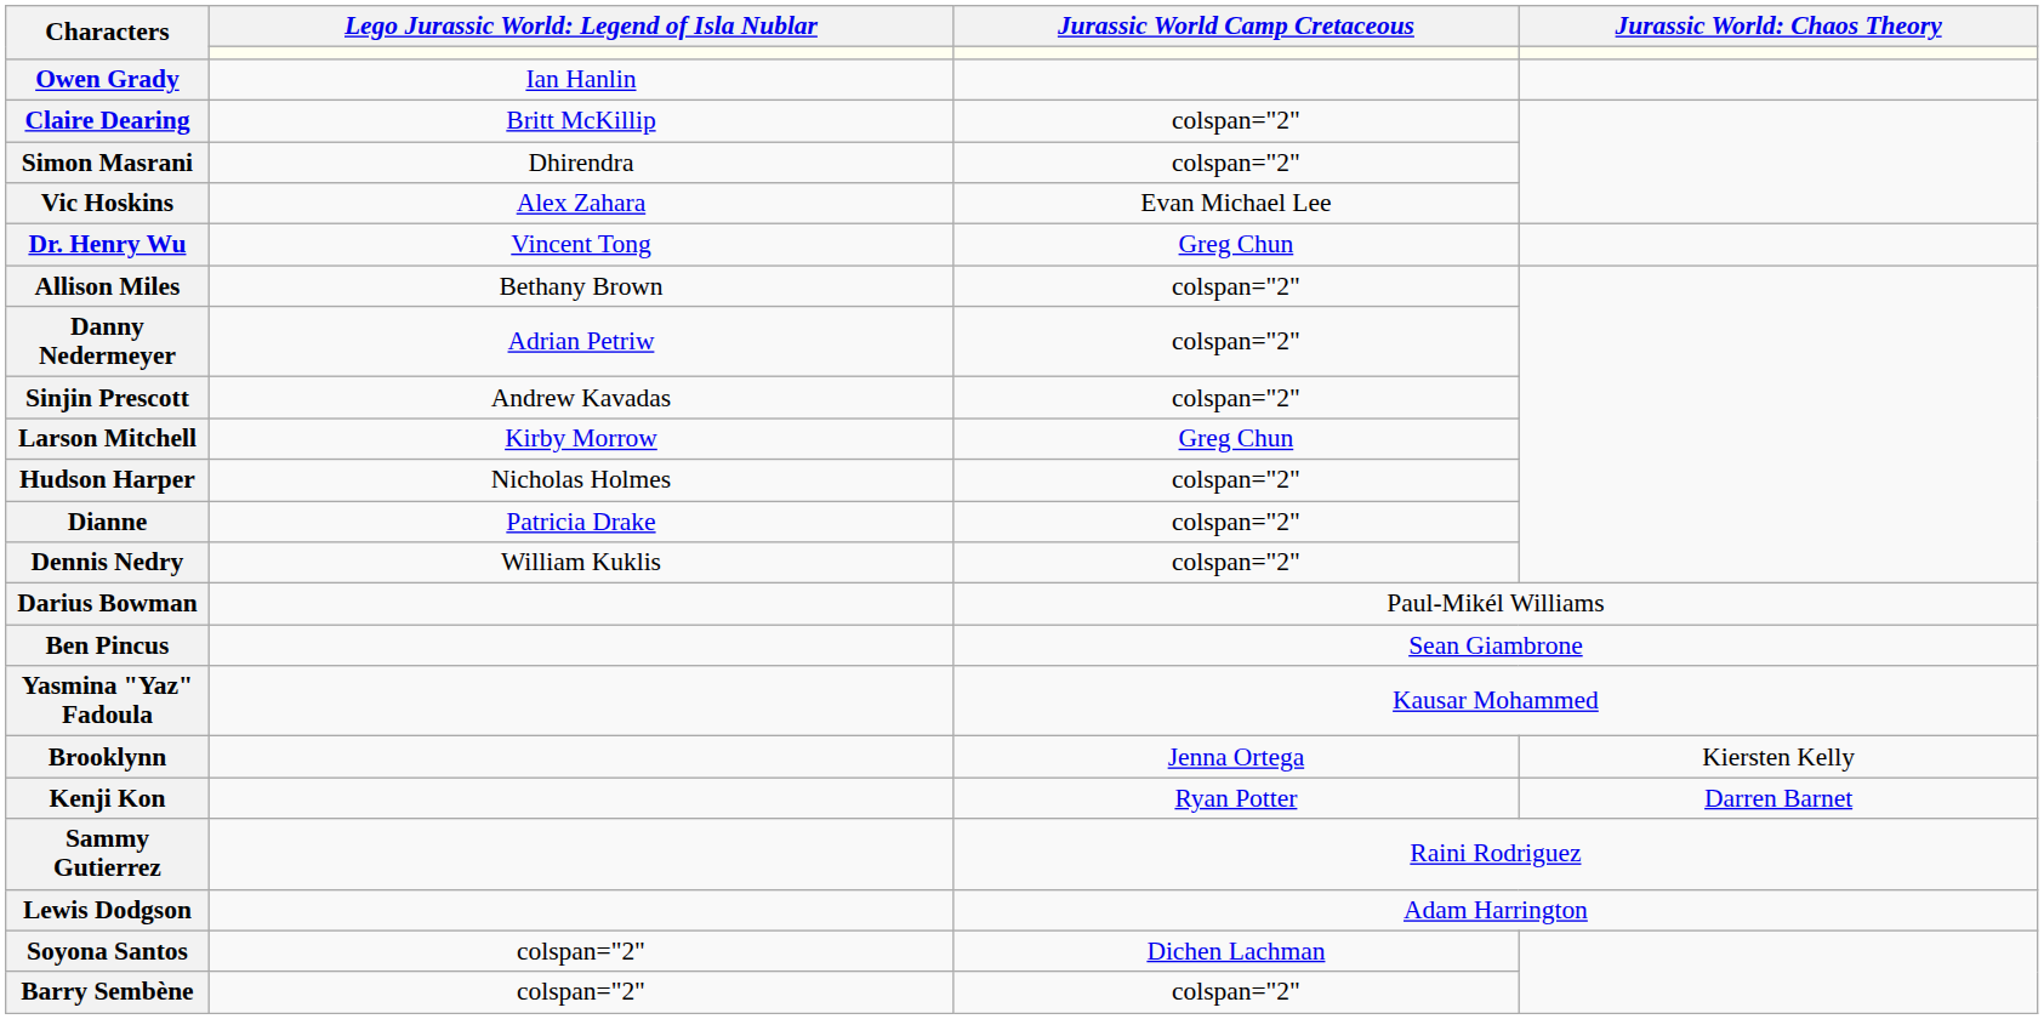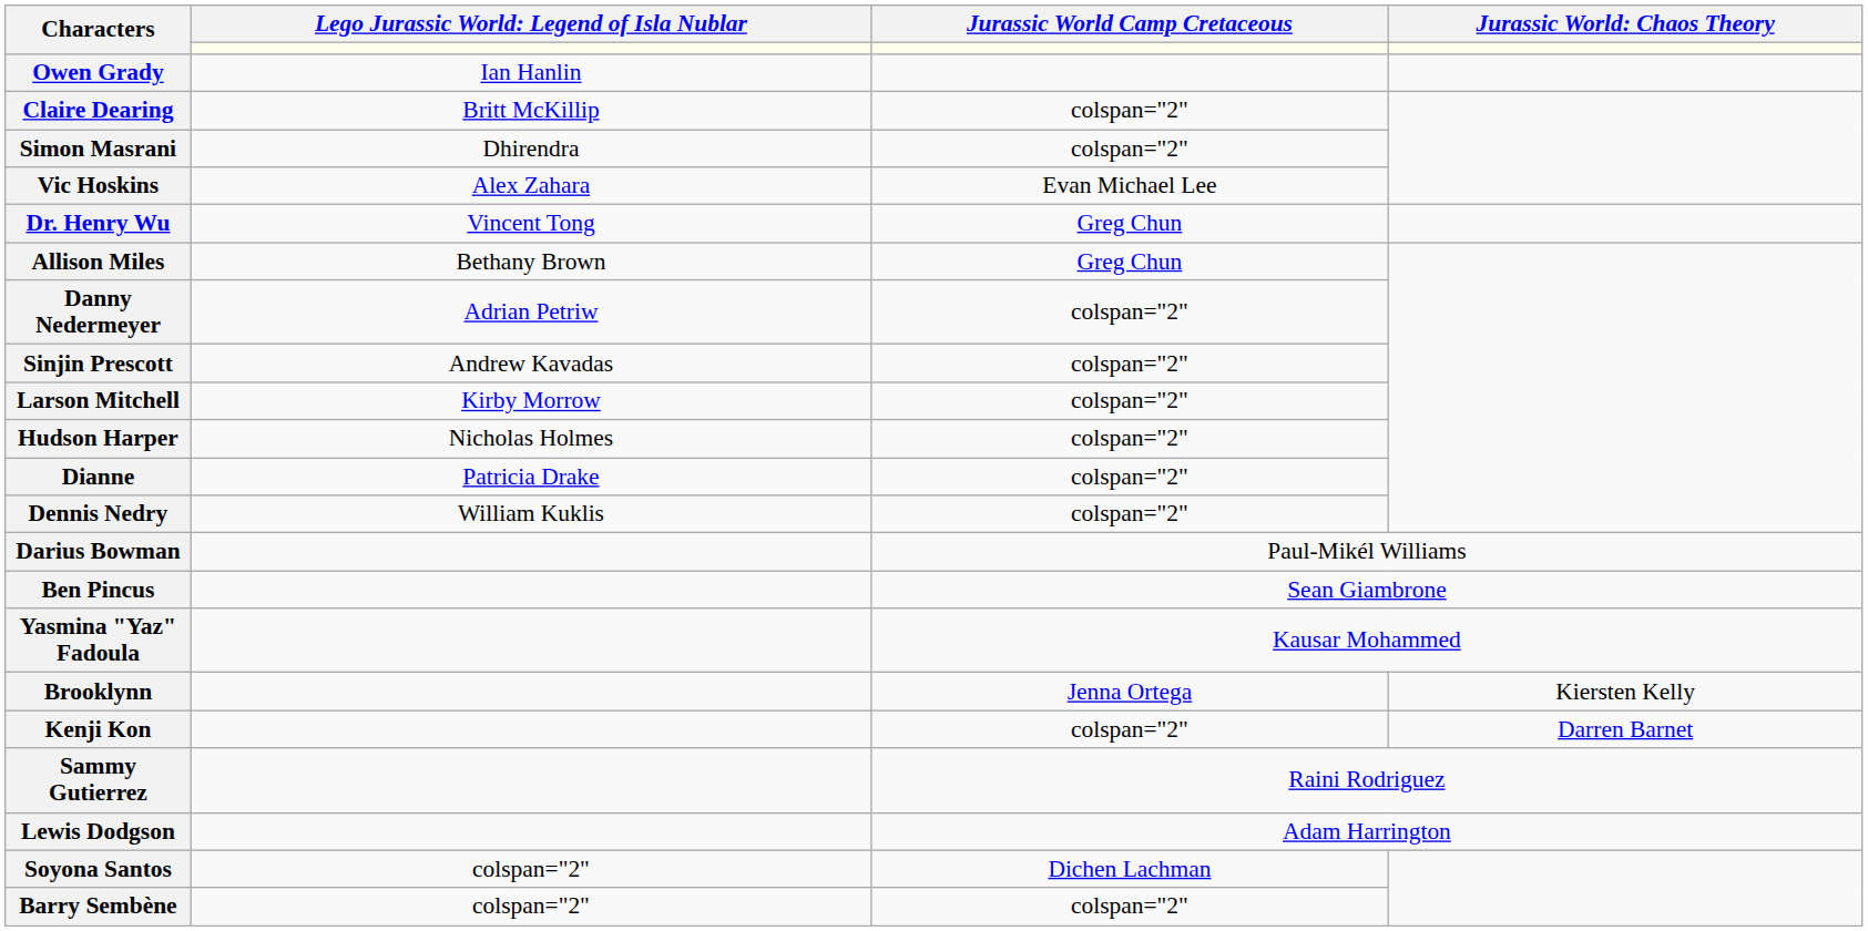 <table class="wikitable" style="text-align:center; width:99%;">
 <tr>
 <th rowspan="2" style="width:10%;">Characters</th>
 <th style="text-align:center" style="width:10%;"><em><a href='#'>Lego Jurassic World: Legend of Isla Nublar</a></em></th>
 <th style="text-align:center" style="width:10%;"><em><a href='#'>Jurassic World Camp Cretaceous</a></em></th>
 <th style="text-align:center" style="width:10%;"><em><a href='#'>Jurassic World: Chaos Theory</a></em></th>
 </tr>
 <tr>
 <th style="background:ivory;"></th>
 <th style="background:ivory;"></th>
 <th style="background:ivory;"></th>
 </tr>
 <tr>
 <th><a href='#'>Owen Grady</a></th>
 <td><a href='#'>Ian Hanlin</a></td>
 <td></td>
 <td></td>
 </tr>
 <tr>
 <th><a href='#'>Claire Dearing</a></th>
 <td><a href='#'>Britt McKillip</a></td>
 <td>colspan="2" </td>
 </tr>
 <tr>
 <th>Simon Masrani</th>
 <td>Dhirendra</td>
 <td>colspan="2" </td>
 </tr>
 <tr>
 <th>Vic Hoskins</th>
 <td><a href='#'>Alex Zahara</a></td>
 <td>Evan Michael Lee</td>
 </tr>
 <tr>
 <th><a href='#'>Dr. Henry Wu</a></th>
 <td><a href='#'>Vincent Tong</a></td>
 <td><a href='#'>Greg Chun</a></td>
 <td></td>
 </tr>
 <tr>
 <th>Allison Miles</th>
 <td>Bethany Brown</td>
-<td>colspan="2" </td>
+<td><a href='#'>Greg Chun</a></td>
 </tr>
 <tr>
 <th>Danny Nedermeyer</th>
 <td><a href='#'>Adrian Petriw</a></td>
 <td>colspan="2" </td>
 </tr>
 <tr>
 <th>Sinjin Prescott</th>
 <td>Andrew Kavadas</td>
 <td>colspan="2" </td>
 </tr>
 <tr>
 <th>Larson Mitchell</th>
 <td><a href='#'>Kirby Morrow</a></td>
-<td><a href='#'>Greg Chun</a></td>
+<td>colspan="2" </td>
 </tr>
 <tr>
 <th>Hudson Harper</th>
 <td>Nicholas Holmes</td>
 <td>colspan="2" </td>
 </tr>
 <tr>
 <th>Dianne</th>
 <td><a href='#'>Patricia Drake</a></td>
 <td>colspan="2" </td>
 </tr>
 <tr>
 <th>Dennis Nedry</th>
 <td>William Kuklis</td>
 <td>colspan="2" </td>
 </tr>
 <tr>
 <th>Darius Bowman</th>
 <td></td>
 <td colspan="2">Paul-Mikél Williams</td>
 </tr>
 <tr>
 <th>Ben Pincus</th>
 <td></td>
 <td colspan="2"><a href='#'>Sean Giambrone</a></td>
 </tr>
 <tr>
 <th>Yasmina "Yaz" Fadoula</th>
 <td></td>
 <td colspan="2"><a href='#'>Kausar Mohammed</a></td>
 </tr>
 <tr>
 <th>Brooklynn</th>
 <td></td>
 <td><a href='#'>Jenna Ortega</a></td>
 <td>Kiersten Kelly</td>
 </tr>
 <tr>
 <th>Kenji Kon</th>
 <td></td>
-<td><a href='#'>Ryan Potter</a></td>
+<td>colspan="2" </td>
 <td><a href='#'>Darren Barnet</a></td>
 </tr>
 <tr>
 <th>Sammy Gutierrez</th>
 <td></td>
 <td colspan="2"><a href='#'>Raini Rodriguez</a></td>
 </tr>
 <tr>
 <th>Lewis Dodgson</th>
 <td></td>
 <td colspan="2"><a href='#'>Adam Harrington</a></td>
 </tr>
 <tr>
 <th>Soyona Santos</th>
 <td>colspan="2" </td>
 <td><a href='#'>Dichen Lachman</a></td>
 </tr>
 <tr>
 <th>Barry Sembène</th>
 <td>colspan="2" </td>
 <td>colspan="2" </td>
 </tr>
 </table>
